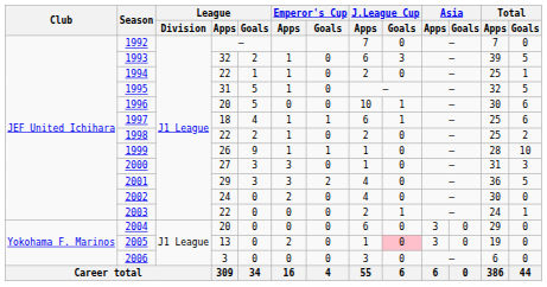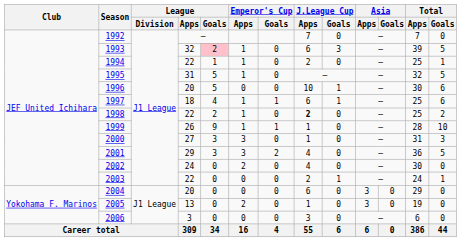 <table class="wikitable" style="text-align:center">
 <tr>
 <th rowspan="2">Club</th>
 <th rowspan="2">Season</th>
 <th colspan="3">League</th>
 <th colspan="2"><a href='#'>Emperor's Cup</a></th>
 <th colspan="2"><a href='#'>J.League Cup</a></th>
 <th colspan="2"><a href='#'>Asia</a></th>
 <th colspan="2">Total</th>
 </tr>
 <tr>
 <th>Division</th>
 <th>Apps</th>
 <th>Goals</th>
 <th>Apps</th>
 <th>Goals</th>
 <th>Apps</th>
 <th>Goals</th>
 <th>Apps</th>
 <th>Goals</th>
 <th>Apps</th>
 <th>Goals</th>
 </tr>
 <tr>
 <td rowspan="12"><a href='#'>JEF United Ichihara</a></td>
 <td><a href='#'>1992</a></td>
 <td rowspan="12"><a href='#'>J1 League</a></td>
 <td colspan="2">–</td>
 <td></td>
 <td></td>
 <td>7</td>
 <td>0</td>
 <td colspan="2">–</td>
 <td>7</td>
 <td>0</td>
 </tr>
 <tr>
 <td><a href='#'>1993</a></td>
 <td>32</td>
-<td>2</td>
+<td style="background: pink;">2</td>
 <td>1</td>
 <td>0</td>
 <td>6</td>
 <td>3</td>
 <td colspan="2">–</td>
 <td>39</td>
 <td>5</td>
 </tr>
 <tr>
 <td><a href='#'>1994</a></td>
 <td>22</td>
 <td>1</td>
 <td>1</td>
 <td>0</td>
 <td>2</td>
 <td>0</td>
 <td colspan="2">–</td>
 <td>25</td>
 <td>1</td>
 </tr>
 <tr>
 <td><a href='#'>1995</a></td>
 <td>31</td>
 <td>5</td>
 <td>1</td>
 <td>0</td>
 <td colspan="2">–</td>
 <td colspan="2">–</td>
 <td>32</td>
 <td>5</td>
 </tr>
 <tr>
 <td><a href='#'>1996</a></td>
 <td>20</td>
 <td>5</td>
 <td>0</td>
 <td>0</td>
 <td>10</td>
 <td>1</td>
 <td colspan="2">–</td>
 <td>30</td>
 <td>6</td>
 </tr>
 <tr>
 <td><a href='#'>1997</a></td>
 <td>18</td>
 <td>4</td>
 <td>1</td>
 <td>1</td>
 <td>6</td>
 <td>1</td>
 <td colspan="2">–</td>
 <td>25</td>
 <td>6</td>
 </tr>
 <tr>
 <td><a href='#'>1998</a></td>
 <td>22</td>
 <td>2</td>
 <td>1</td>
 <td>0</td>
-<td>2</td>
+<td><strong>2</strong></td>
 <td>0</td>
 <td colspan="2">–</td>
 <td>25</td>
 <td>2</td>
 </tr>
 <tr>
 <td><a href='#'>1999</a></td>
 <td>26</td>
 <td>9</td>
 <td>1</td>
 <td>1</td>
 <td>1</td>
 <td>0</td>
 <td colspan="2">–</td>
 <td>28</td>
 <td>10</td>
 </tr>
 <tr>
 <td><a href='#'>2000</a></td>
 <td>27</td>
 <td>3</td>
 <td>3</td>
 <td>0</td>
 <td>1</td>
 <td>0</td>
 <td colspan="2">–</td>
 <td>31</td>
 <td>3</td>
 </tr>
 <tr>
 <td><a href='#'>2001</a></td>
 <td>29</td>
 <td>3</td>
 <td>3</td>
 <td>2</td>
 <td>4</td>
 <td>0</td>
 <td colspan="2">–</td>
 <td>36</td>
 <td>5</td>
 </tr>
 <tr>
 <td><a href='#'>2002</a></td>
 <td>24</td>
 <td>0</td>
 <td>2</td>
 <td>0</td>
 <td>4</td>
 <td>0</td>
 <td colspan="2">–</td>
 <td>30</td>
 <td>0</td>
 </tr>
 <tr>
 <td><a href='#'>2003</a></td>
 <td>22</td>
 <td>0</td>
 <td>0</td>
 <td>0</td>
 <td>2</td>
 <td>1</td>
 <td colspan="2">–</td>
 <td>24</td>
 <td>1</td>
 </tr>
 <tr>
 <td rowspan="3"><a href='#'>Yokohama F. Marinos</a></td>
 <td><a href='#'>2004</a></td>
 <td rowspan="3">J1 League</td>
 <td>20</td>
 <td>0</td>
 <td>0</td>
 <td>0</td>
 <td>6</td>
 <td>0</td>
 <td>3</td>
 <td>0</td>
 <td>29</td>
 <td>0</td>
 </tr>
 <tr>
 <td><a href='#'>2005</a></td>
 <td>13</td>
 <td>0</td>
 <td>2</td>
 <td>0</td>
 <td>1</td>
-<td style="background: pink;">0</td>
+<td>0</td>
 <td>3</td>
 <td>0</td>
 <td>19</td>
 <td>0</td>
 </tr>
 <tr>
 <td><a href='#'>2006</a></td>
 <td>3</td>
 <td>0</td>
 <td>0</td>
 <td>0</td>
 <td>3</td>
 <td>0</td>
 <td colspan="2">–</td>
 <td>6</td>
 <td>0</td>
 </tr>
 <tr>
 <th colspan="3">Career total</th>
 <th>309</th>
 <th>34</th>
 <th>16</th>
 <th>4</th>
 <th>55</th>
 <th>6</th>
 <th>6</th>
 <th>0</th>
 <th>386</th>
 <th>44</th>
 </tr>
 </table>
